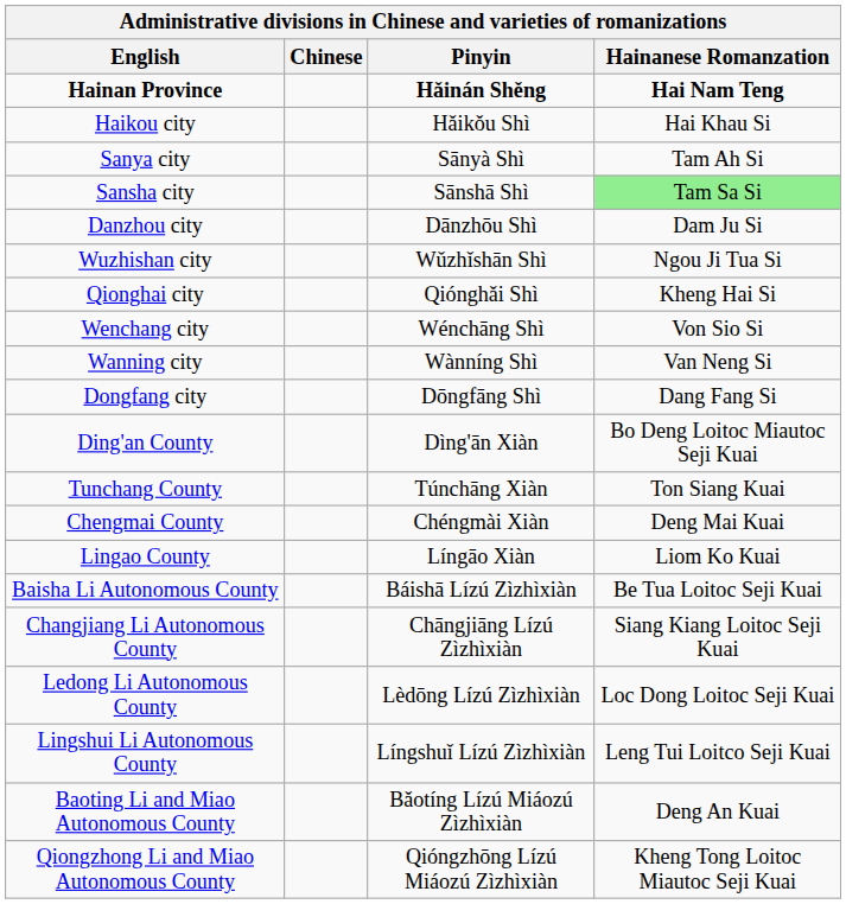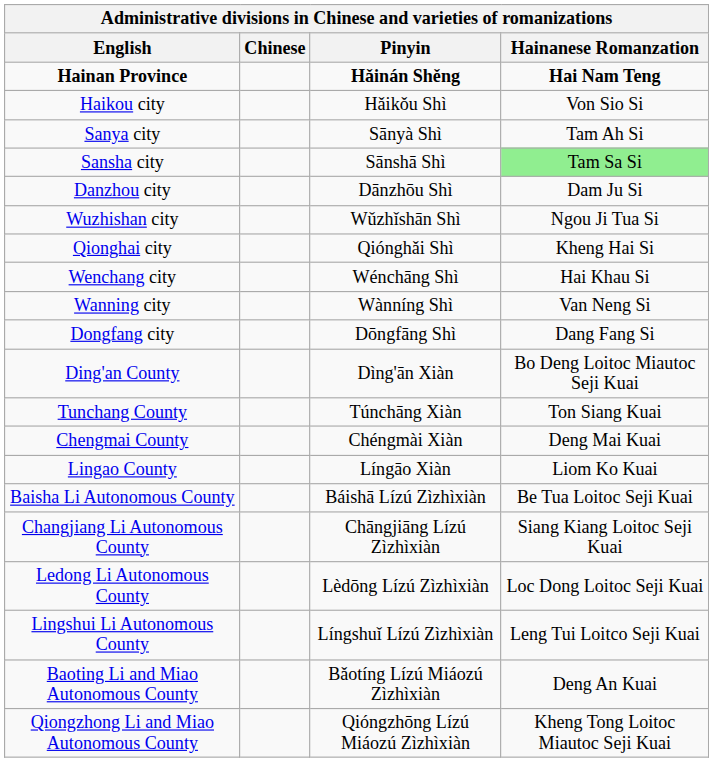 <table class="wikitable sortable collapsible collapsed" style="text-font:90%; width:auto; text-align:center; margin-left: auto; margin-right: auto;">
 <tr>
 <th colspan="5">Administrative divisions in Chinese and varieties of romanizations</th>
 </tr>
 <tr>
 <th>English</th>
 <th>Chinese</th>
 <th>Pinyin</th>
 <th>Hainanese Romanzation</th>
 </tr>
 <tr>
 <td><strong>Hainan Province</strong></td>
 <td></td>
 <td><strong>Hǎinán Shěng</strong></td>
 <td><strong>Hai Nam Teng</strong></td>
 </tr>
 <tr>
 <td><a href='#'>Haikou</a> city</td>
 <td></td>
 <td>Hǎikǒu Shì</td>
-<td>Hai Khau Si</td>
+<td>Von Sio Si</td>
 </tr>
 <tr>
 <td><a href='#'>Sanya</a> city</td>
 <td></td>
 <td>Sānyà Shì</td>
 <td>Tam Ah Si</td>
 </tr>
 <tr>
 <td><a href='#'>Sansha</a> city</td>
 <td></td>
 <td>Sānshā Shì</td>
 <td style="background: lightgreen;">Tam Sa Si</td>
 </tr>
 <tr>
 <td><a href='#'>Danzhou</a> city</td>
 <td></td>
 <td>Dānzhōu Shì</td>
 <td>Dam Ju Si</td>
 </tr>
 <tr>
 <td><a href='#'>Wuzhishan</a> city</td>
 <td></td>
 <td>Wǔzhǐshān Shì</td>
 <td>Ngou Ji Tua Si</td>
 </tr>
 <tr>
 <td><a href='#'>Qionghai</a> city</td>
 <td></td>
 <td>Qiónghǎi Shì</td>
 <td>Kheng Hai Si</td>
 </tr>
 <tr>
 <td><a href='#'>Wenchang</a> city</td>
 <td></td>
 <td>Wénchāng Shì</td>
-<td>Von Sio Si</td>
+<td>Hai Khau Si</td>
 </tr>
 <tr>
 <td><a href='#'>Wanning</a> city</td>
 <td></td>
 <td>Wànníng Shì</td>
 <td>Van Neng Si</td>
 </tr>
 <tr>
 <td><a href='#'>Dongfang</a> city</td>
 <td></td>
 <td>Dōngfāng Shì</td>
 <td>Dang Fang Si</td>
 </tr>
 <tr>
 <td><a href='#'>Ding'an County</a></td>
 <td></td>
 <td>Dìng'ān Xiàn</td>
 <td>Bo Deng Loitoc Miautoc Seji Kuai</td>
 </tr>
 <tr>
 <td><a href='#'>Tunchang County</a></td>
 <td></td>
 <td>Túnchāng Xiàn</td>
 <td>Ton Siang Kuai</td>
 </tr>
 <tr>
 <td><a href='#'>Chengmai County</a></td>
 <td></td>
 <td>Chéngmài Xiàn</td>
 <td>Deng Mai Kuai</td>
 </tr>
 <tr>
 <td><a href='#'>Lingao County</a></td>
 <td></td>
 <td>Língāo Xiàn</td>
 <td>Liom Ko Kuai</td>
 </tr>
 <tr>
 <td><a href='#'>Baisha Li Autonomous County</a></td>
 <td></td>
 <td>Báishā Lízú Zìzhìxiàn</td>
 <td>Be Tua Loitoc Seji Kuai</td>
 </tr>
 <tr>
 <td><a href='#'>Changjiang Li Autonomous County</a></td>
 <td></td>
 <td>Chāngjiāng Lízú Zìzhìxiàn</td>
 <td>Siang Kiang Loitoc Seji Kuai</td>
 </tr>
 <tr>
 <td><a href='#'>Ledong Li Autonomous County</a></td>
 <td></td>
 <td>Lèdōng Lízú Zìzhìxiàn</td>
 <td>Loc Dong Loitoc Seji Kuai</td>
 </tr>
 <tr>
 <td><a href='#'>Lingshui Li Autonomous County</a></td>
 <td></td>
 <td>Língshuǐ Lízú Zìzhìxiàn</td>
 <td>Leng Tui Loitco Seji Kuai</td>
 </tr>
 <tr>
 <td><a href='#'>Baoting Li and Miao Autonomous County</a></td>
 <td></td>
 <td>Bǎotíng Lízú Miáozú Zìzhìxiàn</td>
 <td>Deng An Kuai</td>
 </tr>
 <tr>
 <td><a href='#'>Qiongzhong Li and Miao Autonomous County</a></td>
 <td></td>
 <td>Qióngzhōng Lízú Miáozú Zìzhìxiàn</td>
 <td>Kheng Tong Loitoc Miautoc Seji Kuai</td>
 </tr>
 </table>
